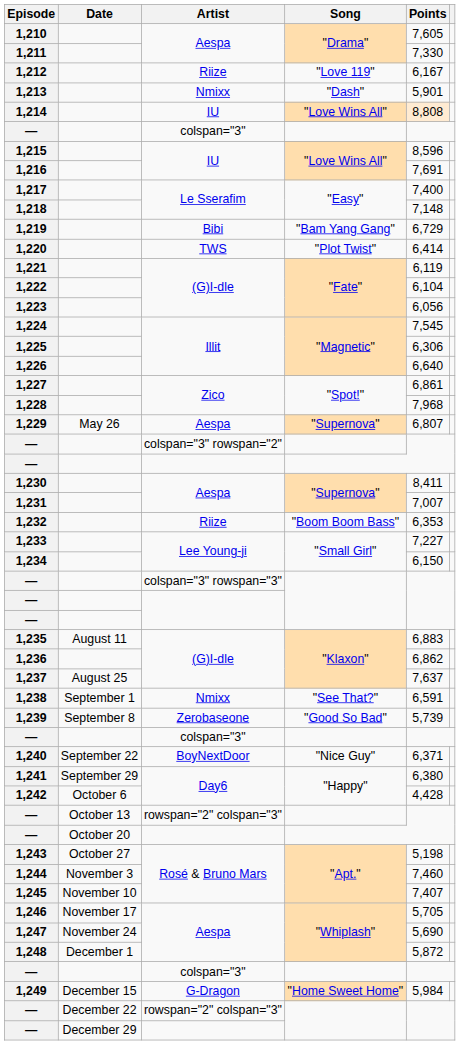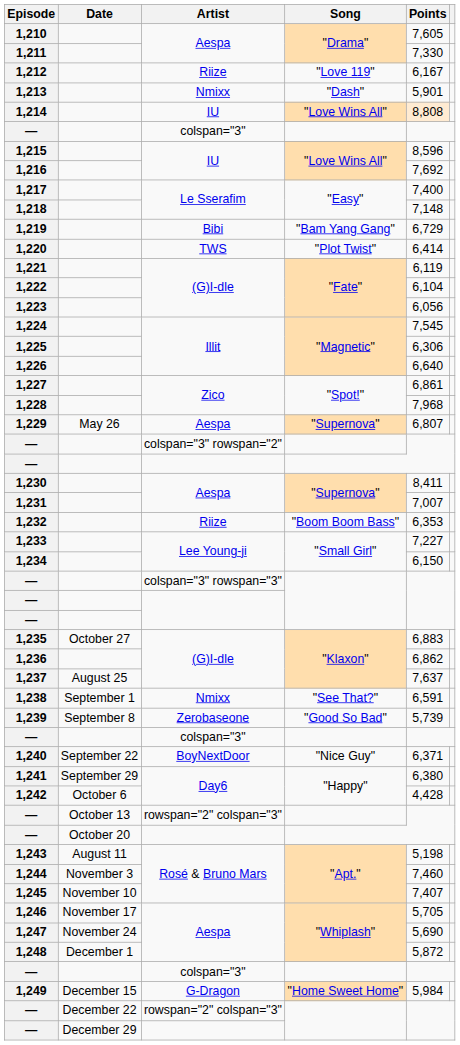 <table class="wikitable plainrowheaders sortable" style="text-align:center">
 <tr>
 <th scope="col">Episode</th>
 <th scope="col">Date</th>
 <th scope="col">Artist</th>
 <th scope="col">Song</th>
 <th scope="col">Points</th>
 <th scope="col" class="unsortable"></th>
 </tr>
 <tr>
 <th scope="row">1,210</th>
 <td></td>
 <td rowspan="2"><a href='#'>Aespa</a></td>
 <td rowspan="2" style="background:#FFDEAD">"<a href='#'>Drama</a>" </td>
 <td>7,605</td>
 <td></td>
 </tr>
 <tr>
 <th scope="row">1,211</th>
 <td></td>
 <td>7,330</td>
 <td></td>
 </tr>
 <tr>
 <th scope="row">1,212</th>
 <td></td>
 <td><a href='#'>Riize</a></td>
 <td>"<a href='#'>Love 119</a>"</td>
 <td>6,167</td>
 <td></td>
 </tr>
 <tr>
 <th scope="row">1,213</th>
 <td></td>
 <td><a href='#'>Nmixx</a></td>
 <td>"<a href='#'>Dash</a>"</td>
 <td>5,901</td>
 <td></td>
 </tr>
 <tr>
 <th scope="row">1,214</th>
 <td></td>
 <td><a href='#'>IU</a></td>
 <td style="background:#FFDEAD">"<a href='#'>Love Wins All</a>" </td>
 <td style="background:#FFEBD2">8,808 </td>
 <td></td>
 </tr>
 <tr>
 <th scope="row">—</th>
 <td></td>
 <td>colspan="3" </td>
 <td></td>
 </tr>
 <tr>
 <th scope="row">1,215</th>
 <td></td>
 <td rowspan="2"><a href='#'>IU</a></td>
 <td rowspan="2" style="background:#FFDEAD">"<a href='#'>Love Wins All</a>" </td>
 <td>8,596</td>
 <td></td>
 </tr>
 <tr>
 <th scope="row">1,216</th>
 <td></td>
-<td>7,691</td>
+<td>7,692</td>
 <td></td>
 </tr>
 <tr>
 <th scope="row">1,217</th>
 <td></td>
 <td rowspan="2"><a href='#'>Le Sserafim</a></td>
 <td rowspan="2">"<a href='#'>Easy</a>"</td>
 <td>7,400</td>
 <td></td>
 </tr>
 <tr>
 <th scope="row">1,218</th>
 <td></td>
 <td>7,148</td>
 <td></td>
 </tr>
 <tr>
 <th scope="row">1,219</th>
 <td></td>
 <td><a href='#'>Bibi</a></td>
 <td>"<a href='#'>Bam Yang Gang</a>"</td>
 <td>6,729</td>
 <td></td>
 </tr>
 <tr>
 <th scope="row">1,220</th>
 <td></td>
 <td><a href='#'>TWS</a></td>
 <td>"<a href='#'>Plot Twist</a>"</td>
 <td>6,414</td>
 <td></td>
 </tr>
 <tr>
 <th scope="row">1,221</th>
 <td></td>
 <td rowspan="3"><a href='#'>(G)I-dle</a></td>
 <td rowspan="3" style="background:#FFDEAD">"<a href='#'>Fate</a>" </td>
 <td>6,119</td>
 <td></td>
 </tr>
 <tr>
 <th scope="row">1,222</th>
 <td></td>
 <td>6,104</td>
 <td></td>
 </tr>
 <tr>
 <th scope="row">1,223</th>
 <td></td>
 <td>6,056</td>
 <td></td>
 </tr>
 <tr>
 <th scope="row">1,224</th>
 <td></td>
 <td rowspan="3"><a href='#'>Illit</a></td>
 <td rowspan="3" style="background:#FFDEAD">"<a href='#'>Magnetic</a>" </td>
 <td>7,545</td>
 <td></td>
 </tr>
 <tr>
 <th scope="row">1,225</th>
 <td></td>
 <td>6,306</td>
 <td></td>
 </tr>
 <tr>
 <th scope="row">1,226</th>
 <td></td>
 <td>6,640</td>
 <td></td>
 </tr>
 <tr>
 <th scope="row">1,227</th>
 <td></td>
 <td rowspan="2"><a href='#'>Zico</a></td>
 <td rowspan="2">"<a href='#'>Spot!</a>"</td>
 <td>6,861</td>
 <td></td>
 </tr>
 <tr>
 <th scope="row">1,228</th>
 <td></td>
 <td>7,968</td>
 <td></td>
 </tr>
 <tr>
 <th scope="row">1,229</th>
 <td>May 26</td>
 <td><a href='#'>Aespa</a></td>
 <td style="background:#FFDEAD">"<a href='#'>Supernova</a>" </td>
 <td>6,807</td>
 <td></td>
 </tr>
 <tr>
 <th scope="row">—</th>
 <td></td>
 <td>colspan="3" rowspan="2" </td>
 <td></td>
 </tr>
 <tr>
 <th scope="row">—</th>
 <td></td>
 <td></td>
 </tr>
 <tr>
 <th scope="row">1,230</th>
 <td></td>
 <td rowspan="2"><a href='#'>Aespa</a></td>
 <td rowspan="2" style="background:#FFDEAD">"<a href='#'>Supernova</a>" </td>
 <td>8,411</td>
 <td></td>
 </tr>
 <tr>
 <th scope="row">1,231</th>
 <td></td>
 <td>7,007</td>
 <td></td>
 </tr>
 <tr>
 <th scope="row">1,232</th>
 <td></td>
 <td><a href='#'>Riize</a></td>
 <td>"<a href='#'>Boom Boom Bass</a>"</td>
 <td>6,353</td>
 <td></td>
 </tr>
 <tr>
 <th scope="row">1,233</th>
 <td></td>
 <td rowspan="2"><a href='#'>Lee Young-ji</a></td>
 <td rowspan="2">"<a href='#'>Small Girl</a>"</td>
 <td>7,227</td>
 <td></td>
 </tr>
 <tr>
 <th scope="row">1,234</th>
 <td></td>
 <td>6,150</td>
 <td></td>
 </tr>
 <tr>
 <th scope="row">—</th>
 <td></td>
 <td>colspan="3" rowspan="3" </td>
 <td rowspan="3"></td>
 </tr>
 <tr>
 <th scope="row">—</th>
 <td></td>
 </tr>
 <tr>
 <th scope="row">—</th>
 <td></td>
 </tr>
 <tr>
 <th scope="row">1,235</th>
-<td>August 11</td>
+<td>October 27</td>
 <td rowspan="3"><a href='#'>(G)I-dle</a></td>
 <td rowspan="3" style="background:#FFDEAD">"<a href='#'>Klaxon</a>" </td>
 <td>6,883</td>
 <td></td>
 </tr>
 <tr>
 <th scope="row">1,236</th>
 <td></td>
 <td>6,862</td>
 <td></td>
 </tr>
 <tr>
 <th scope="row">1,237</th>
 <td>August 25</td>
 <td>7,637</td>
 <td></td>
 </tr>
 <tr>
 <th scope="row">1,238</th>
 <td>September 1</td>
 <td><a href='#'>Nmixx</a></td>
 <td>"<a href='#'>See That?</a>"</td>
 <td>6,591</td>
 <td></td>
 </tr>
 <tr>
 <th scope="row">1,239</th>
 <td>September 8</td>
 <td><a href='#'>Zerobaseone</a></td>
 <td>"<a href='#'>Good So Bad</a>"</td>
 <td>5,739</td>
 <td></td>
 </tr>
 <tr>
 <th scope="row">—</th>
 <td></td>
 <td>colspan="3" </td>
 <td></td>
 </tr>
 <tr>
 <th scope="row">1,240</th>
 <td>September 22</td>
 <td><a href='#'>BoyNextDoor</a></td>
 <td>"Nice Guy"</td>
 <td>6,371</td>
 <td></td>
 </tr>
 <tr>
 <th scope="row">1,241</th>
 <td>September 29</td>
 <td rowspan="2"><a href='#'>Day6</a></td>
 <td rowspan="2">"Happy"</td>
 <td>6,380</td>
 <td></td>
 </tr>
 <tr>
 <th scope="row">1,242</th>
 <td>October 6</td>
 <td>4,428</td>
 <td></td>
 </tr>
 <tr>
 <th scope="row">—</th>
 <td>October 13</td>
 <td>rowspan="2" colspan="3" </td>
 <td></td>
 </tr>
 <tr>
 <th scope="row">—</th>
 <td>October 20</td>
 <td></td>
 </tr>
 <tr>
 <th scope="row">1,243</th>
-<td>October 27</td>
+<td>August 11</td>
 <td rowspan="3"><a href='#'>Rosé</a> & <a href='#'>Bruno Mars</a></td>
 <td rowspan="3" style="background:#FFDEAD">"<a href='#'>Apt.</a>" </td>
 <td>5,198</td>
 <td></td>
 </tr>
 <tr>
 <th scope="row">1,244</th>
 <td>November 3</td>
 <td>7,460</td>
 <td></td>
 </tr>
 <tr>
 <th scope="row">1,245</th>
 <td>November 10</td>
 <td>7,407</td>
 <td></td>
 </tr>
 <tr>
 <th scope="row">1,246</th>
 <td>November 17</td>
 <td rowspan="3"><a href='#'>Aespa</a></td>
 <td rowspan="3" style="background:#FFDEAD">"<a href='#'>Whiplash</a>" </td>
 <td>5,705</td>
 <td></td>
 </tr>
 <tr>
 <th scope="row">1,247</th>
 <td>November 24</td>
 <td>5,690</td>
 <td></td>
 </tr>
 <tr>
 <th scope="row">1,248</th>
 <td>December 1</td>
 <td>5,872</td>
 <td></td>
 </tr>
 <tr>
 <th scope="row">—</th>
 <td></td>
 <td>colspan="3" </td>
 <td></td>
 </tr>
 <tr>
 <th scope="row">1,249</th>
 <td>December 15</td>
 <td><a href='#'>G-Dragon</a></td>
 <td style="background:#FFDEAD">"<a href='#'>Home Sweet Home</a>" </td>
 <td>5,984</td>
 <td></td>
 </tr>
 <tr>
 <th scope="row">—</th>
 <td>December 22</td>
 <td>rowspan="2" colspan="3" </td>
 <td rowspan="2"></td>
 </tr>
 <tr>
 <th scope="row">—</th>
 <td>December 29</td>
 </tr>
 </table>
